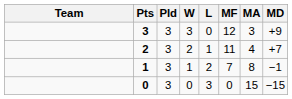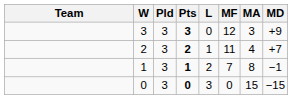 <table class=wikitable style="text-align:center">
 <tr>
 <th width=175>Team</th>
+<th width=20>W</th>
+<th width=20>Pld</th>
 <th width=20>Pts</th>
-<th width=20>Pld</th>
-<th width=20>W</th>
 <th width=20>L</th>
 <th width=20>MF</th>
 <th width=20>MA</th>
 <th width=20>MD</th>
 </tr>
 <tr>
 <td align=left></td>
-<td><strong>3</strong></td>
 <td>3</td>
 <td>3</td>
+<td><strong>3</strong></td>
 <td>0</td>
 <td>12</td>
 <td>3</td>
 <td>+9</td>
 </tr>
 <tr>
 <td align=left></td>
+<td>2</td>
+<td>3</td>
 <td><strong>2</strong></td>
-<td>3</td>
-<td>2</td>
 <td>1</td>
 <td>11</td>
 <td>4</td>
 <td>+7</td>
 </tr>
 <tr>
 <td align=left></td>
+<td>1</td>
+<td>3</td>
 <td><strong>1</strong></td>
-<td>3</td>
-<td>1</td>
 <td>2</td>
 <td>7</td>
 <td>8</td>
 <td>−1</td>
 </tr>
 <tr>
 <td align=left></td>
+<td>0</td>
+<td>3</td>
 <td><strong>0</strong></td>
-<td>3</td>
-<td>0</td>
 <td>3</td>
 <td>0</td>
 <td>15</td>
 <td>−15</td>
 </tr>
 </table>
